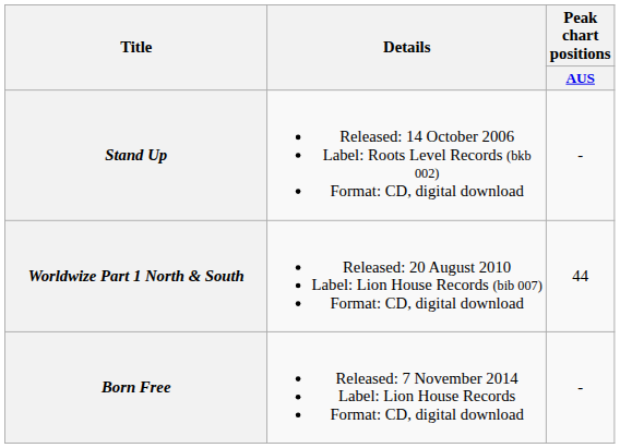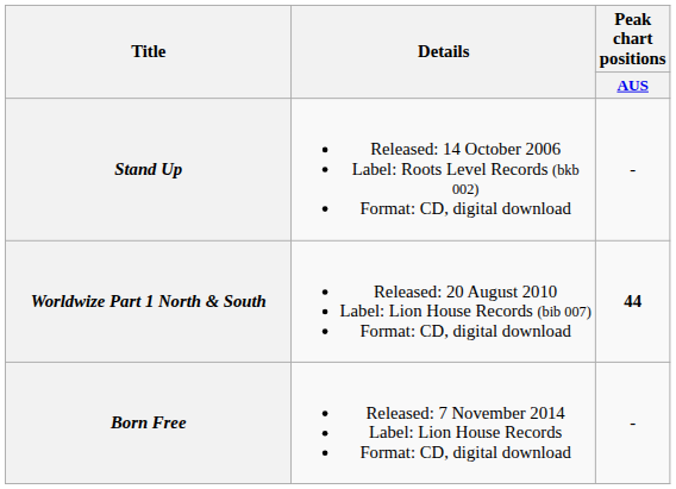 <table class="wikitable plainrowheaders" style="text-align:center;" border="1">
 <tr>
 <th scope="col" rowspan="2" style="width:16em;">Title</th>
 <th scope="col" rowspan="2" style="width:17em;">Details</th>
 <th scope="col" colspan="1">Peak chart positions</th>
 </tr>
 <tr>
 <th scope="col" style="width:3em;font-size:90%;"><a href='#'>AUS</a><br></th>
 </tr>
 <tr>
 <th scope="row"><em>Stand Up</em></th>
 <td><br><ul><li>Released: 14 October 2006</li><li>Label: Roots Level Records <small>(bkb 002)</small></li><li>Format: CD, digital download</li></ul></td>
 <td>-</td>
 </tr>
 <tr>
 <th scope="row"><em>Worldwize Part 1 North & South</em></th>
 <td><br><ul><li>Released: 20 August 2010</li><li>Label: Lion House Records <small>(bib 007)</small></li><li>Format: CD, digital download</li></ul></td>
-<td>44</td>
+<td><strong>44</strong></td>
 </tr>
 <tr>
 <th scope="row"><em>Born Free</em></th>
 <td><br><ul><li>Released: 7 November 2014</li><li>Label: Lion House Records</li><li>Format: CD, digital download</li></ul></td>
 <td>-</td>
 </tr>
 </table>
